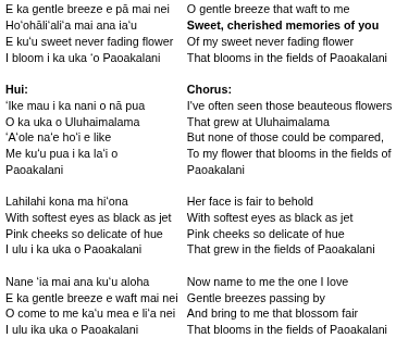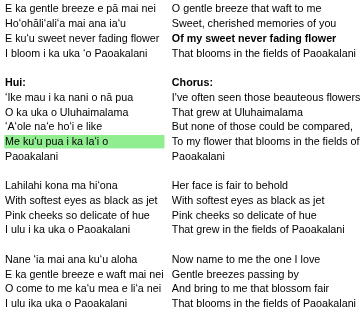 <table>
 <tr>
 <td>E ka gentle breeze e pā mai nei</td>
 <td rowspan=99> </td>
 <td>O gentle breeze that waft to me</td>
 </tr>
 <tr>
 <td>Hoʻohāliʻaliʻa mai ana iaʻu</td>
-<td><strong>Sweet, cherished memories of you</strong></td>
+<td>Sweet, cherished memories of you</td>
 </tr>
 <tr>
 <td>E kuʻu sweet never fading flower</td>
-<td>Of my sweet never fading flower</td>
+<td><strong>Of my sweet never fading flower</strong></td>
 </tr>
 <tr>
 <td>I bloom i ka uka ‘o Paoakalani</td>
 <td>That blooms in the fields of Paoakalani</td>
 </tr>
 <tr>
 <td> </td>
 <td> </td>
 </tr>
 <tr>
 <td><strong>Hui:</strong></td>
 <td><strong>Chorus:</strong></td>
 </tr>
 <tr>
 <td>ʻIke mau i ka nani o nā pua</td>
 <td>I've often seen those beauteous flowers</td>
 </tr>
 <tr>
 <td>O ka uka o Uluhaimalama</td>
 <td>That grew at Uluhaimalama</td>
 </tr>
 <tr>
 <td>ʻAʻole naʻe hoʻi e like</td>
 <td>But none of those could be compared,</td>
 </tr>
 <tr>
-<td>Me kuʻu pua i ka laʻi o</td>
+<td style="background: lightgreen;">Me kuʻu pua i ka laʻi o</td>
 <td>To my flower that blooms in the fields of</td>
 </tr>
 <tr>
 <td>Paoakalani</td>
 <td>Paoakalani</td>
 </tr>
 <tr>
 <td> </td>
 <td> </td>
 </tr>
 <tr>
 <td>Lahilahi kona ma hiʻona</td>
 <td>Her face is fair to behold</td>
 </tr>
 <tr>
 <td>With softest eyes as black as jet</td>
 <td>With softest eyes as black as jet</td>
 </tr>
 <tr>
 <td>Pink cheeks so delicate of hue</td>
 <td>Pink cheeks so delicate of hue</td>
 </tr>
 <tr>
 <td>I ulu i ka uka o Paoakalani</td>
 <td>That grew in the fields of Paoakalani</td>
 </tr>
 <tr>
 <td> </td>
 <td> </td>
 </tr>
 <tr>
 <td>Nane ʻia mai ana kuʻu aloha</td>
 <td>Now name to me the one I love</td>
 </tr>
 <tr>
 <td>E ka gentle breeze e waft mai nei</td>
 <td>Gentle breezes passing by</td>
 </tr>
 <tr>
 <td>O come to me kaʻu mea e liʻa nei</td>
 <td>And bring to me that blossom fair</td>
 </tr>
 <tr>
 <td>I ulu ika uka o Paoakalani</td>
 <td>That blooms in the fields of Paoakalani</td>
 </tr>
 </table>
